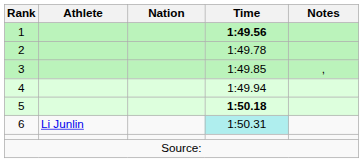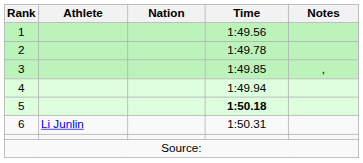 <table class="wikitable sortable" style="text-align:center;width: 55%;">
 <tr>
 <th scope="col" style="width: 10px;">Rank</th>
 <th scope="col">Athlete</th>
 <th scope="col">Nation</th>
 <th scope="col">Time</th>
 <th scope="col">Notes</th>
 </tr>
 <tr bgcolor=bbf3bb>
 <td>1</td>
 <td align=left></td>
 <td align=left></td>
-<td><strong>1:49.56</strong></td>
+<td>1:49.56</td>
 <td></td>
 </tr>
 <tr bgcolor=bbf3bb>
 <td>2</td>
 <td align=left></td>
 <td align=left></td>
 <td>1:49.78</td>
 <td></td>
 </tr>
 <tr bgcolor=bbf3bb>
 <td>3</td>
 <td align=left></td>
 <td align=left></td>
 <td>1:49.85</td>
 <td>, </td>
 </tr>
 <tr bgcolor=ddffdd>
 <td>4</td>
 <td align=left></td>
 <td align=left></td>
 <td>1:49.94</td>
 <td></td>
 </tr>
 <tr bgcolor=ddffdd>
 <td>5</td>
 <td align=left></td>
 <td align=left></td>
 <td><strong>1:50.18</strong></td>
 <td></td>
 </tr>
 <tr>
 <td>6</td>
 <td align=left><a href='#'>Li Junlin</a></td>
 <td align=left></td>
-<td style="background: paleturquoise;">1:50.31</td>
+<td>1:50.31</td>
 <td></td>
 </tr>
 <tr>
 <td></td>
 <td align=left></td>
 <td align=left></td>
 <td></td>
 <td></td>
 </tr>
 <tr class="sortbottom">
 <td colspan="5">Source:</td>
 </tr>
 </table>
